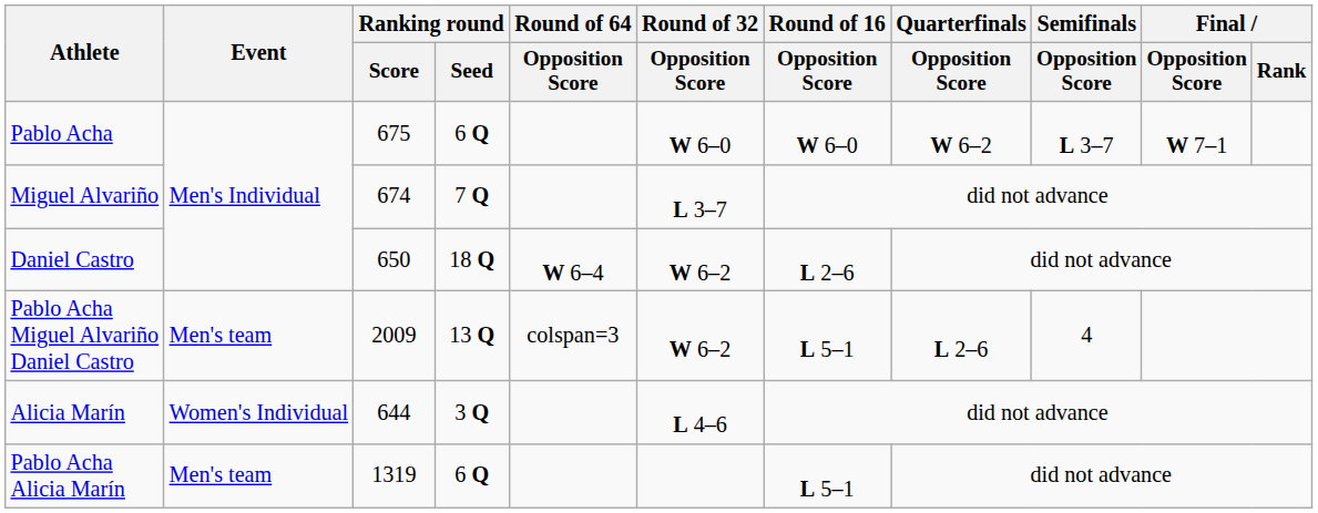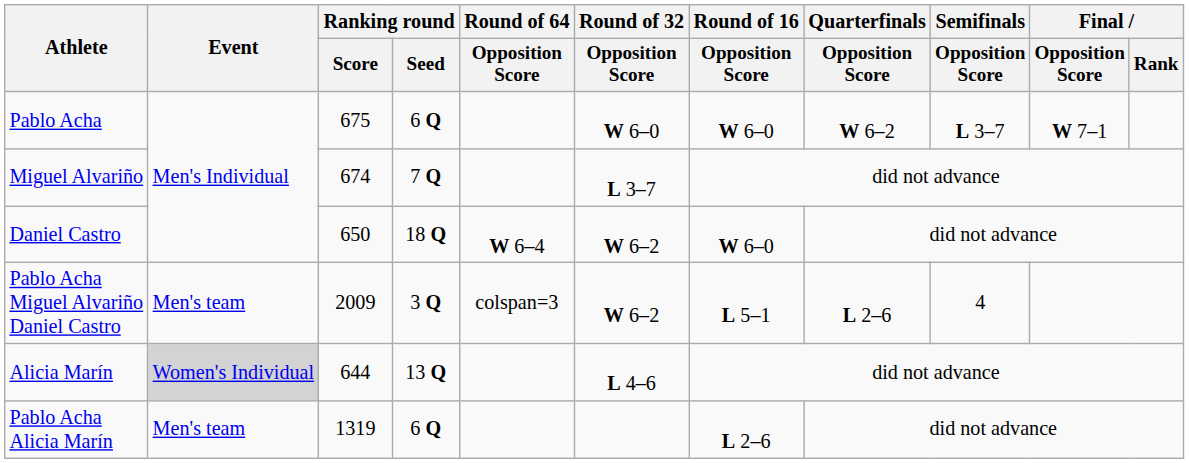 <table class="wikitable" style="font-size:90%">
 <tr>
 <th rowspan=2>Athlete</th>
 <th rowspan=2>Event</th>
 <th colspan=2>Ranking round</th>
 <th>Round of 64</th>
 <th>Round of 32</th>
 <th>Round of 16</th>
 <th>Quarterfinals</th>
 <th>Semifinals</th>
 <th colspan=2>Final / </th>
 </tr>
 <tr style="font-size:95%">
 <th>Score</th>
 <th>Seed</th>
 <th>Opposition<br>Score</th>
 <th>Opposition<br>Score</th>
 <th>Opposition<br>Score</th>
 <th>Opposition<br>Score</th>
 <th>Opposition<br>Score</th>
 <th>Opposition<br>Score</th>
 <th>Rank</th>
 </tr>
 <tr align=center>
 <td align=left><a href='#'>Pablo Acha</a></td>
 <td style="text-align:left;" rowspan=3><a href='#'>Men's Individual</a></td>
 <td>675</td>
 <td>6 <strong>Q</strong></td>
 <td></td>
 <td><br><strong>W</strong> 6–0</td>
 <td><br><strong>W</strong> 6–0</td>
 <td><br><strong>W</strong> 6–2</td>
 <td><br><strong>L</strong> 3–7</td>
 <td><br><strong>W</strong> 7–1</td>
 <td></td>
 </tr>
 <tr align=center>
 <td align=left><a href='#'>Miguel Alvariño</a></td>
 <td>674</td>
 <td>7 <strong>Q</strong></td>
 <td></td>
 <td><br><strong>L</strong> 3–7</td>
 <td colspan=5>did not advance</td>
 </tr>
 <tr align=center>
 <td align=left><a href='#'>Daniel Castro</a></td>
 <td>650</td>
 <td>18 <strong>Q</strong></td>
 <td><br><strong>W</strong> 6–4</td>
 <td><br><strong>W</strong> 6–2</td>
-<td><br><strong>L</strong> 2–6</td>
+<td><br><strong>W</strong> 6–0</td>
 <td colspan=4>did not advance</td>
 </tr>
 <tr align=center>
 <td align=left><a href='#'>Pablo Acha</a><br><a href='#'>Miguel Alvariño</a><br><a href='#'>Daniel Castro</a></td>
 <td align=left><a href='#'>Men's team</a></td>
 <td>2009</td>
-<td>13 <strong>Q</strong></td>
+<td>3 <strong>Q</strong></td>
 <td>colspan=3 </td>
 <td><br><strong>W</strong> 6–2</td>
 <td><br><strong>L</strong> 5–1</td>
 <td><br><strong>L</strong> 2–6</td>
 <td>4</td>
 </tr>
 <tr align=center>
 <td align=left><a href='#'>Alicia Marín</a></td>
-<td style="text-align:left;"><a href='#'>Women's Individual</a></td>
+<td style="background: lightgrey; text-align:left;"><a href='#'>Women's Individual</a></td>
 <td>644</td>
-<td>3 <strong>Q</strong></td>
+<td>13 <strong>Q</strong></td>
 <td></td>
 <td><br><strong>L</strong> 4–6</td>
 <td colspan=5>did not advance</td>
 </tr>
 <tr align=center>
 <td align=left><a href='#'>Pablo Acha</a><br><a href='#'>Alicia Marín</a></td>
 <td align=left><a href='#'>Men's team</a></td>
 <td>1319</td>
 <td>6 <strong>Q</strong></td>
 <td></td>
 <td></td>
-<td><br><strong>L</strong> 5–1</td>
+<td><br><strong>L</strong> 2–6</td>
 <td colspan=4>did not advance</td>
 </tr>
 </table>
